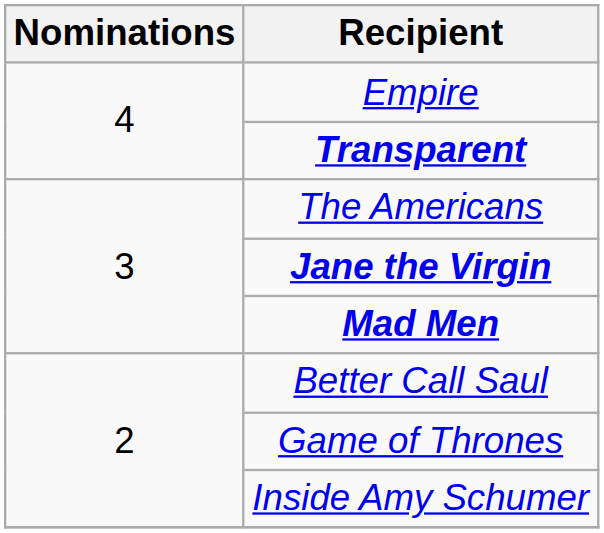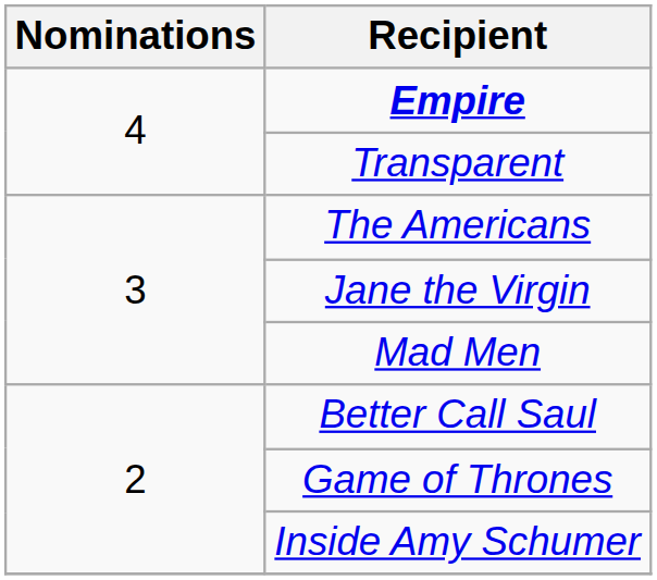 <table class="wikitable" rowspan="2" style="text-align:center;" background: #f6e39c;>
 <tr>
 <th scope="col" style="width:55px;">Nominations</th>
 <th scope="col" style="text-align:center;">Recipient</th>
 </tr>
 <tr>
 <td rowspan="2" style="text-align:center">4</td>
-<td><em><a href='#'>Empire</a></em></td>
+<td><strong><em><a href='#'>Empire</a></em></strong></td>
 </tr>
 <tr>
-<td><strong><em><a href='#'>Transparent</a></em></strong></td>
+<td><em><a href='#'>Transparent</a></em></td>
 </tr>
 <tr>
 <td rowspan="3" style="text-align:center">3</td>
 <td><em><a href='#'>The Americans</a></em></td>
 </tr>
 <tr>
-<td><strong><em><a href='#'>Jane the Virgin</a></em></strong></td>
+<td><em><a href='#'>Jane the Virgin</a></em></td>
 </tr>
 <tr>
-<td><strong><em><a href='#'>Mad Men</a></em></strong></td>
+<td><em><a href='#'>Mad Men</a></em></td>
 </tr>
 <tr>
 <td rowspan="3" style="text-align:center">2</td>
 <td><em><a href='#'>Better Call Saul</a></em></td>
 </tr>
 <tr>
 <td><em><a href='#'>Game of Thrones</a></em></td>
 </tr>
 <tr>
 <td><em><a href='#'>Inside Amy Schumer</a></em></td>
 </tr>
 <tr>
 </tr>
 </table>
